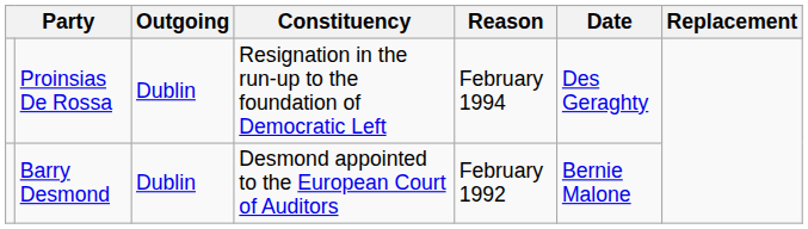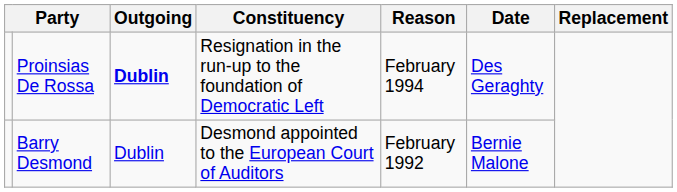 <table class="wikitable">
 <tr>
 <th colspan=2>Party</th>
 <th>Outgoing</th>
 <th>Constituency</th>
 <th>Reason</th>
 <th>Date</th>
 <th>Replacement</th>
 </tr>
 <tr>
 <td></td>
 <td><a href='#'>Proinsias De Rossa</a></td>
-<td><a href='#'>Dublin</a></td>
+<td><strong><a href='#'>Dublin</a></strong></td>
 <td>Resignation in the run-up to the foundation of <a href='#'>Democratic Left</a></td>
 <td>February 1994</td>
 <td><a href='#'>Des Geraghty</a></td>
 </tr>
 <tr>
 <td></td>
 <td><a href='#'>Barry Desmond</a></td>
 <td><a href='#'>Dublin</a></td>
 <td>Desmond appointed to the <a href='#'>European Court of Auditors</a></td>
 <td>February 1992</td>
 <td><a href='#'>Bernie Malone</a></td>
 </tr>
 </table>
